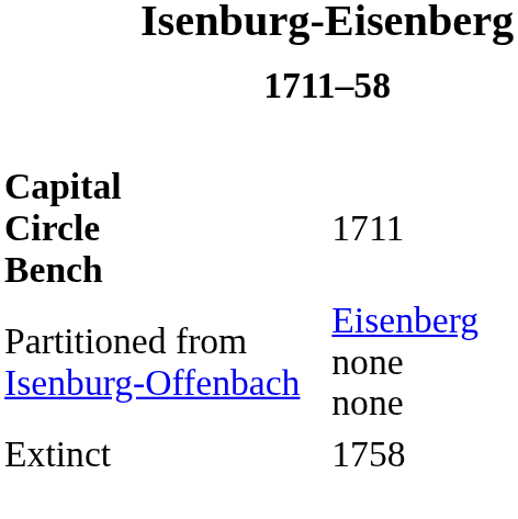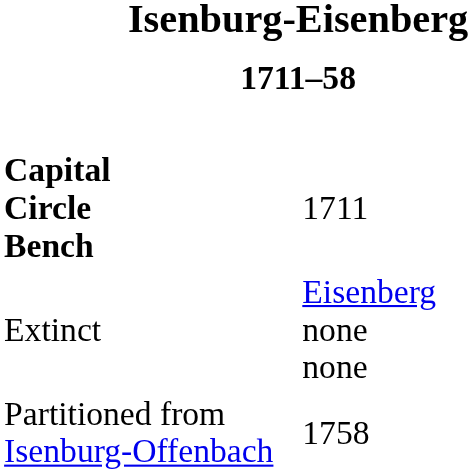 <table align="right" class="toccolours">
 <tr>
 <td colspan=2 align="center"><big><strong>Isenburg-Eisenberg</strong></big></td>
 </tr>
 <tr>
 <td colspan=2 align="center"></td>
 </tr>
 <tr>
 <td colspan=2 align="center"><strong>1711–58</strong></td>
 </tr>
 <tr>
 <td><br></td>
 </tr>
 <tr>
 <td width=138px><strong>Capital<br>Circle<br>Bench</strong></td>
 <td>1711</td>
 </tr>
 <tr>
-<td>Partitioned from <a href='#'>Isenburg-Offenbach</a></td>
+<td>Extinct</td>
 <td width=138px><a href='#'>Eisenberg</a><br>none<br>none</td>
 </tr>
 <tr>
-<td>Extinct</td>
+<td>Partitioned from <a href='#'>Isenburg-Offenbach</a></td>
 <td>1758</td>
 </tr>
 <tr>
 </tr>
 </table>
